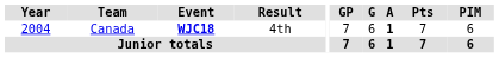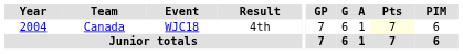 <table border="0" cellpadding="1" cellspacing="0" ID="Table3" style="text-align:center; width:40em">
 <tr ALIGN="center" bgcolor="#e0e0e0">
 <th>Year</th>
 <th>Team</th>
 <th>Event</th>
 <th>Result</th>
 <th rowspan="99" bgcolor="#ffffff"></th>
 <th>GP</th>
 <th>G</th>
 <th>A</th>
 <th>Pts</th>
 <th>PIM</th>
 </tr>
 <tr>
 <td><a href='#'>2004</a></td>
 <td><a href='#'>Canada</a></td>
-<td><strong><a href='#'>WJC18</a></strong></td>
+<td><a href='#'>WJC18</a></td>
 <td>4th</td>
 <td>7</td>
 <td>6</td>
-<td><strong>1</strong></td>
-<td>7</td>
+<td>1</td>
+<td style="background: lightyellow;">7</td>
 <td>6</td>
 </tr>
 <tr bgcolor="#e0e0e0">
 <th colspan=4>Junior totals</th>
 <th>7</th>
 <th>6</th>
 <th>1</th>
 <th>7</th>
 <th>6</th>
 </tr>
 </table>
